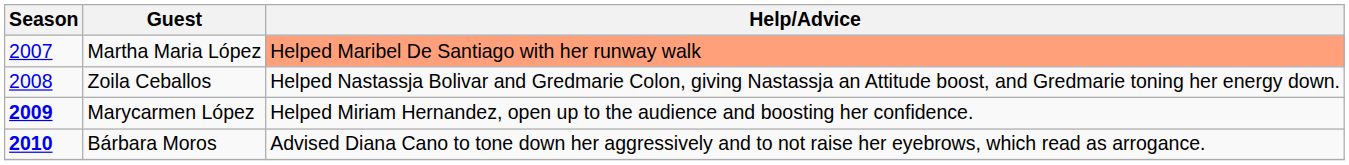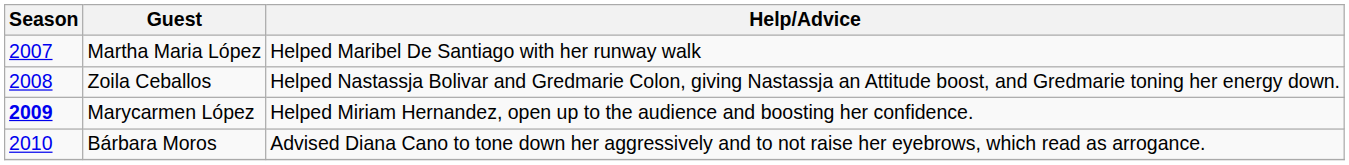 <table class="wikitable">
 <tr>
 <th>Season</th>
 <th>Guest</th>
 <th>Help/Advice</th>
 </tr>
 <tr>
 <td><a href='#'>2007</a></td>
 <td>Martha Maria López</td>
-<td style="background: lightsalmon;">Helped Maribel De Santiago with her runway walk</td>
+<td>Helped Maribel De Santiago with her runway walk</td>
 </tr>
 <tr>
 <td><a href='#'>2008</a></td>
 <td>Zoila Ceballos</td>
 <td>Helped Nastassja Bolivar and Gredmarie Colon, giving Nastassja an Attitude boost, and Gredmarie toning her energy down.</td>
 </tr>
 <tr>
 <td><strong><a href='#'>2009</a></strong></td>
 <td>Marycarmen López</td>
 <td>Helped Miriam Hernandez, open up to the audience and boosting her confidence.</td>
 </tr>
 <tr>
-<td><strong><a href='#'>2010</a></strong></td>
+<td><a href='#'>2010</a></td>
 <td>Bárbara Moros</td>
 <td>Advised Diana Cano to tone down her aggressively and to not raise her eyebrows, which read as arrogance.</td>
 </tr>
 <tr>
 </tr>
 </table>
